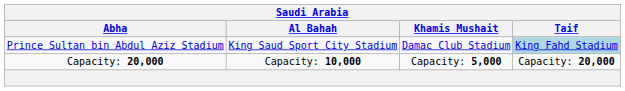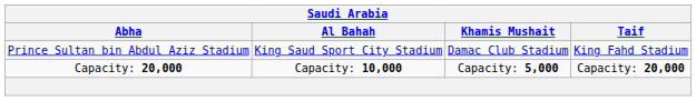 <table class="wikitable" style="text-align:center">
 <tr>
 <th colspan=4> <a href='#'>Saudi Arabia</a></th>
 </tr>
 <tr>
 <th><a href='#'>Abha</a></th>
 <th><a href='#'>Al Bahah</a></th>
 <th><a href='#'>Khamis Mushait</a></th>
 <th><a href='#'>Taif</a></th>
 </tr>
 <tr>
 <td><a href='#'>Prince Sultan bin Abdul Aziz Stadium</a></td>
 <td><a href='#'>King Saud Sport City Stadium</a></td>
 <td><a href='#'>Damac Club Stadium</a></td>
-<td style="background: lightblue;"><a href='#'>King Fahd Stadium</a></td>
+<td><a href='#'>King Fahd Stadium</a></td>
 </tr>
 <tr>
 <td>Capacity: <strong>20,000</strong></td>
 <td>Capacity: <strong>10,000</strong></td>
 <td>Capacity: <strong>5,000</strong></td>
 <td>Capacity: <strong>20,000</strong></td>
 </tr>
 <tr>
 <th rowspan="4" colspan=4><br></th>
 </tr>
 </table>
